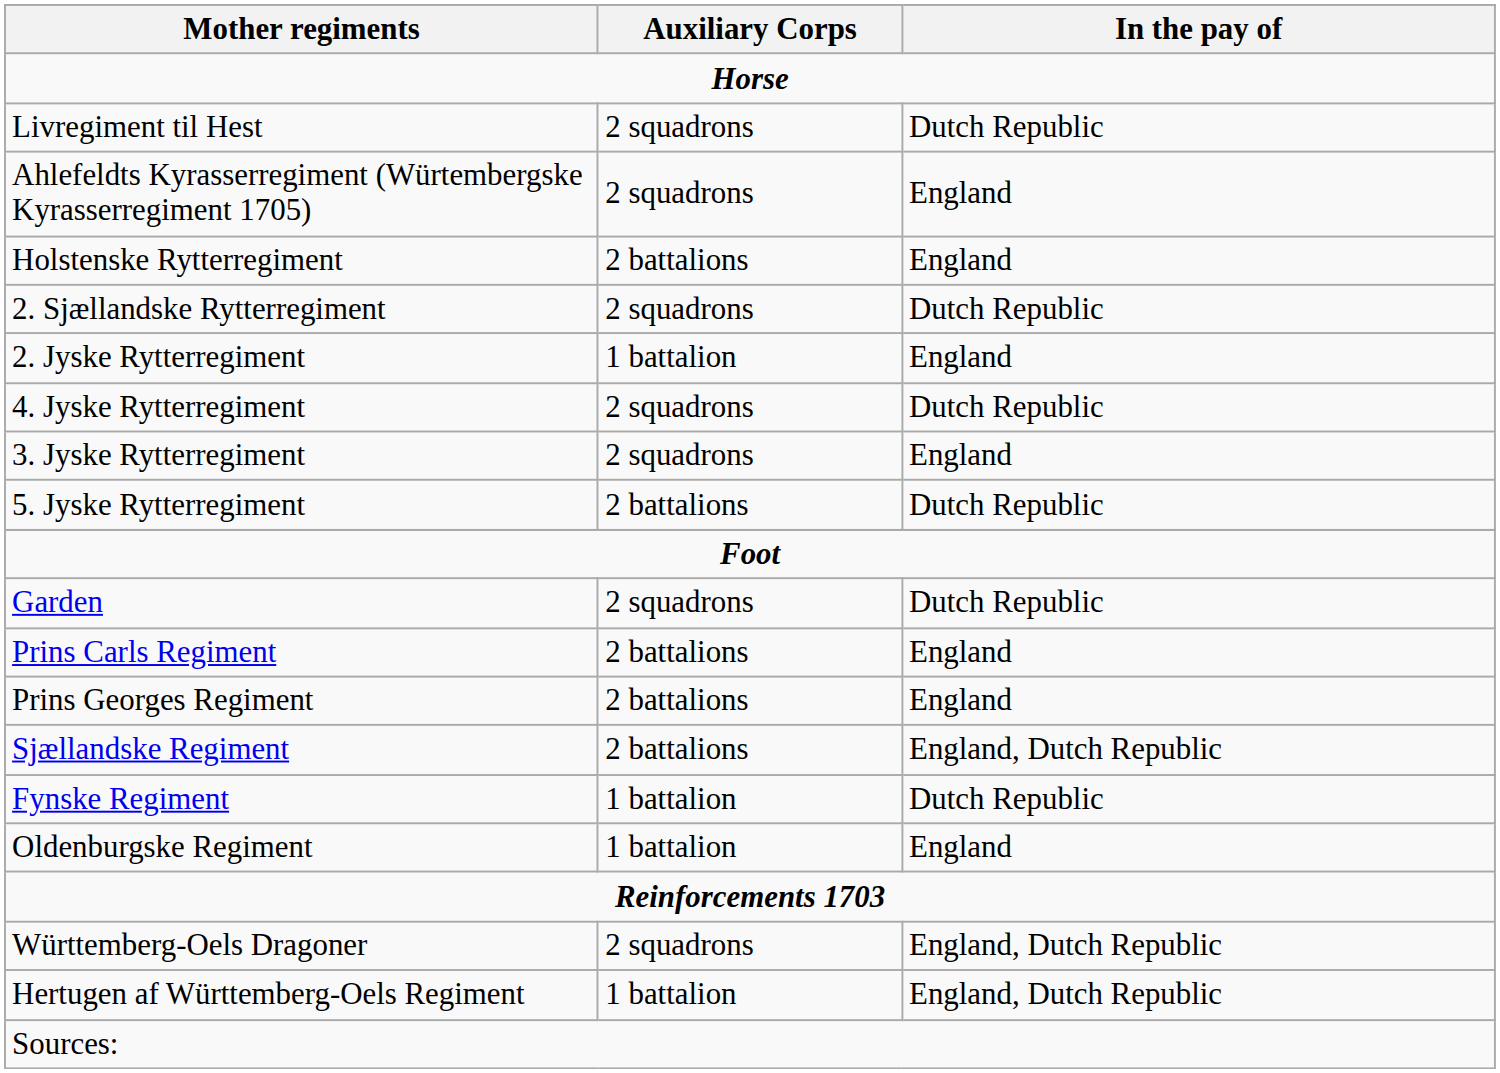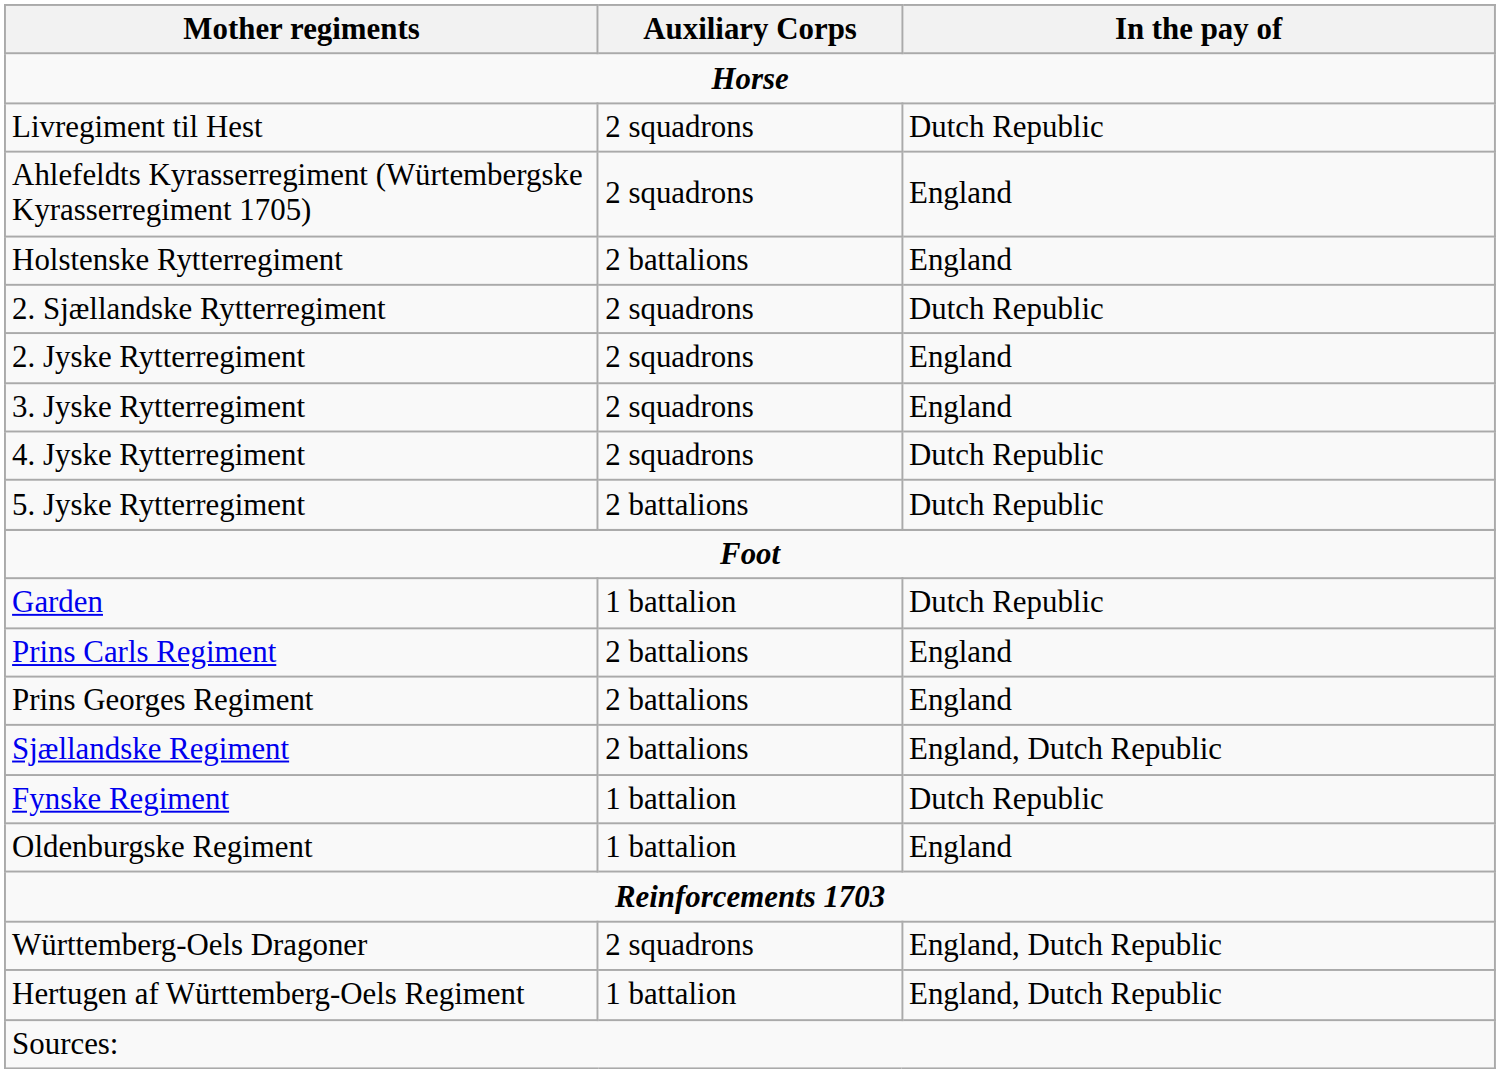 <table class="wikitable">
 <tr>
 <th align="left" width="300">Mother regiments</th>
 <th align="left" width="150">Auxiliary Corps</th>
 <th align="left" width="300">In the pay of</th>
 </tr>
 <tr>
 <td colspan=3 style="text-align:center;"><strong><em>Horse</em></strong></td>
 </tr>
 <tr>
 <td>Livregiment til Hest</td>
 <td>2 squadrons</td>
 <td>Dutch Republic</td>
 </tr>
 <tr>
 <td>Ahlefeldts Kyrasserregiment (Würtembergske Kyrasserregiment 1705)</td>
 <td>2 squadrons</td>
 <td>England</td>
 </tr>
 <tr>
 <td>Holstenske Rytterregiment</td>
 <td>2 battalions</td>
 <td>England</td>
 </tr>
 <tr>
 <td>2. Sjællandske Rytterregiment</td>
 <td>2 squadrons</td>
 <td>Dutch Republic</td>
 </tr>
 <tr>
 <td>2. Jyske Rytterregiment</td>
-<td>1 battalion</td>
+<td>2 squadrons</td>
+<td>England</td>
+</tr>
+<tr>
+<td>3. Jyske Rytterregiment</td>
+<td>2 squadrons</td>
 <td>England</td>
 </tr>
 <tr>
 <td>4. Jyske Rytterregiment</td>
 <td>2 squadrons</td>
 <td>Dutch Republic</td>
-</tr>
-<tr>
-<td>3. Jyske Rytterregiment</td>
-<td>2 squadrons</td>
-<td>England</td>
 </tr>
 <tr>
 <td>5. Jyske Rytterregiment</td>
 <td>2 battalions</td>
 <td>Dutch Republic</td>
 </tr>
 <tr>
 </tr>
 <tr>
 <td colspan=3 style="text-align:center;"><strong><em>Foot</em></strong></td>
 </tr>
 <tr>
 <td><a href='#'>Garden</a></td>
-<td>2 squadrons</td>
+<td>1 battalion</td>
 <td>Dutch Republic</td>
 </tr>
 <tr>
 <td><a href='#'>Prins Carls Regiment</a></td>
 <td>2 battalions</td>
 <td>England</td>
 </tr>
 <tr>
 <td>Prins Georges Regiment</td>
 <td>2 battalions</td>
 <td>England</td>
 </tr>
 <tr>
 <td><a href='#'>Sjællandske Regiment</a></td>
 <td>2 battalions</td>
 <td>England, Dutch Republic</td>
 </tr>
 <tr>
 <td><a href='#'>Fynske Regiment</a></td>
 <td>1 battalion</td>
 <td>Dutch Republic</td>
 </tr>
 <tr>
 <td>Oldenburgske Regiment</td>
 <td>1 battalion</td>
 <td>England</td>
 </tr>
 <tr>
 <td colspan=3 style="text-align:center;"><strong><em>Reinforcements 1703</em></strong></td>
 </tr>
 <tr>
 <td>Württemberg-Oels Dragoner</td>
 <td>2 squadrons</td>
 <td>England, Dutch Republic</td>
 </tr>
 <tr>
 <td>Hertugen af Württemberg-Oels Regiment</td>
 <td>1 battalion</td>
 <td>England, Dutch Republic</td>
 </tr>
 <tr>
 <td colspan=3>Sources:</td>
 </tr>
 </table>
